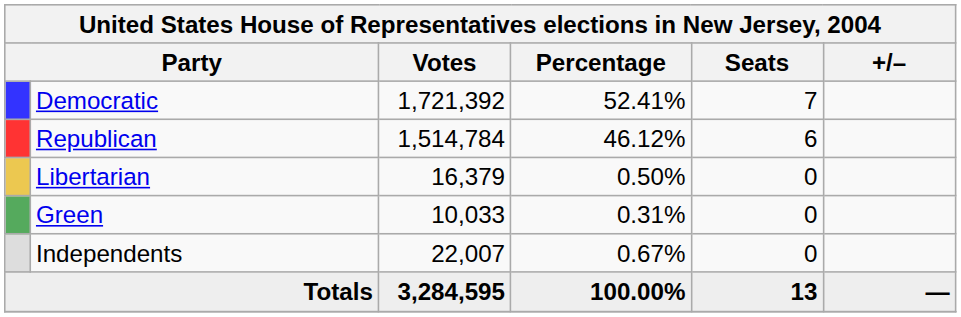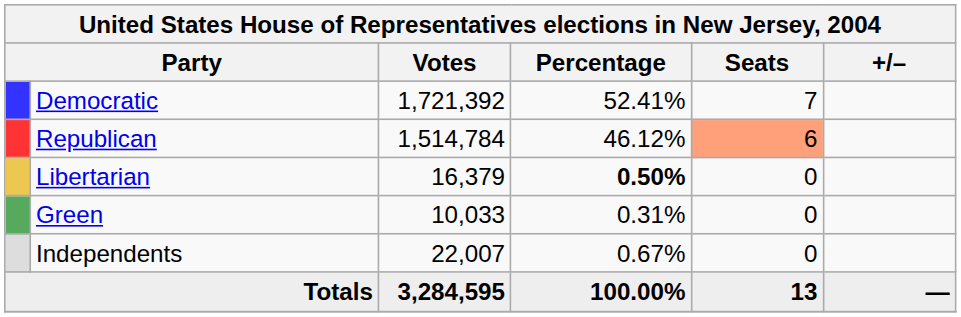 <table class="wikitable" style="font-size: 95%;">
 <tr>
 <th colspan="6">United States House of Representatives elections in New Jersey, 2004</th>
 </tr>
 <tr>
 <th colspan=2 style="width: 15em">Party</th>
 <th style="width: 5em">Votes</th>
 <th style="width: 7em">Percentage</th>
 <th style="width: 5em">Seats</th>
 <th style="width: 5em">+/–</th>
 </tr>
 <tr>
 <th style="background-color:#3333FF; width: 3px"></th>
 <td style="width: 130px"><a href='#'>Democratic</a></td>
 <td align="right">1,721,392</td>
 <td align="right">52.41%</td>
 <td align="right">7</td>
 <td align="right"></td>
 </tr>
 <tr>
 <th style="background-color:#FF3333; width: 3px"></th>
 <td style="width: 130px"><a href='#'>Republican</a></td>
 <td align="right">1,514,784</td>
 <td align="right">46.12%</td>
-<td align="right">6</td>
+<td align="right" style="background: lightsalmon;">6</td>
 <td align="right"></td>
 </tr>
 <tr>
 <th style="background-color:#ecC850; width: 3px"></th>
 <td style="width: 130px"><a href='#'>Libertarian</a></td>
 <td align="right">16,379</td>
-<td align="right">0.50%</td>
+<td align="right"><strong>0.50%</strong></td>
 <td align="right">0</td>
 <td align="right"></td>
 </tr>
 <tr>
 <th style="background-color:#55AA5d; width: 3px"></th>
 <td style="width: 130px"><a href='#'>Green</a></td>
 <td align="right">10,033</td>
 <td align="right">0.31%</td>
 <td align="right">0</td>
 <td align="right"></td>
 </tr>
 <tr>
 <th style="background-color:#DDDDDD; width: 3px"></th>
 <td style="width: 130px">Independents</td>
 <td align="right">22,007</td>
 <td align="right">0.67%</td>
 <td align="right">0</td>
 <td align="right"></td>
 </tr>
 <tr bgcolor="#EEEEEE">
 <td colspan="2" align="right"><strong>Totals</strong></td>
 <td align="right"><strong>3,284,595</strong></td>
 <td align="right"><strong>100.00%</strong></td>
 <td align="right"><strong>13</strong></td>
 <td align="right"><strong>—</strong></td>
 </tr>
 <tr bgcolor="#EEEEEE">
 </tr>
 </table>
